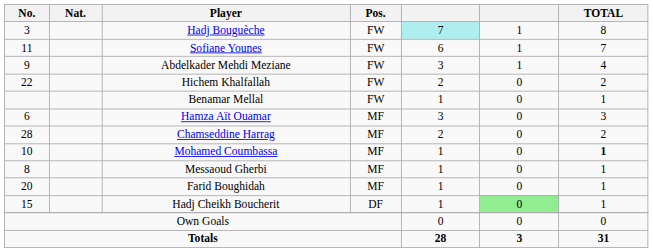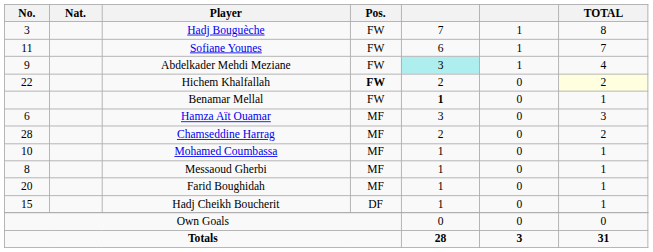 <table class="wikitable sortable alternance"  style="font-size:85%; text-align:center; line-height:14px; width:60%;">
 <tr>
 <th width=10>No.</th>
 <th width=10>Nat.</th>
 <th width=140>Player</th>
 <th width=10>Pos.</th>
 <th width=40></th>
 <th width=40></th>
 <th width=10>TOTAL</th>
 </tr>
 <tr>
 <td>3</td>
 <td></td>
 <td><a href='#'>Hadj Bouguèche</a></td>
 <td>FW</td>
-<td style="background: paleturquoise;">7</td>
+<td>7</td>
 <td>1</td>
 <td>8</td>
 </tr>
 <tr>
 <td>11</td>
 <td></td>
 <td><a href='#'>Sofiane Younes</a></td>
 <td>FW</td>
 <td>6</td>
 <td>1</td>
 <td>7</td>
 </tr>
 <tr>
 <td>9</td>
 <td></td>
 <td>Abdelkader Mehdi Meziane</td>
 <td>FW</td>
-<td>3</td>
+<td style="background: paleturquoise;">3</td>
 <td>1</td>
 <td>4</td>
 </tr>
 <tr>
 <td>22</td>
 <td></td>
 <td>Hichem Khalfallah</td>
-<td>FW</td>
+<td><strong>FW</strong></td>
 <td>2</td>
 <td>0</td>
-<td>2</td>
+<td style="background: lightyellow;">2</td>
 </tr>
 <tr>
 <td></td>
 <td></td>
 <td>Benamar Mellal</td>
 <td>FW</td>
-<td>1</td>
+<td><strong>1</strong></td>
 <td>0</td>
 <td>1</td>
 </tr>
 <tr>
 <td>6</td>
 <td></td>
 <td><a href='#'>Hamza Aït Ouamar</a></td>
 <td>MF</td>
 <td>3</td>
 <td>0</td>
 <td>3</td>
 </tr>
 <tr>
 <td>28</td>
 <td></td>
 <td><a href='#'>Chamseddine Harrag</a></td>
 <td>MF</td>
 <td>2</td>
 <td>0</td>
 <td>2</td>
 </tr>
 <tr>
 <td>10</td>
 <td></td>
 <td><a href='#'>Mohamed Coumbassa</a></td>
 <td>MF</td>
 <td>1</td>
 <td>0</td>
-<td><strong>1</strong></td>
+<td>1</td>
 </tr>
 <tr>
 <td>8</td>
 <td></td>
 <td>Messaoud Gherbi</td>
 <td>MF</td>
 <td>1</td>
 <td>0</td>
 <td>1</td>
 </tr>
 <tr>
 <td>20</td>
 <td></td>
 <td>Farid Boughidah</td>
 <td>MF</td>
 <td>1</td>
 <td>0</td>
 <td>1</td>
 </tr>
 <tr>
 <td>15</td>
 <td></td>
 <td>Hadj Cheikh Boucherit</td>
 <td>DF</td>
 <td>1</td>
-<td style="background: lightgreen;">0</td>
+<td>0</td>
 <td>1</td>
 </tr>
 <tr>
 </tr>
 <tr class="sortbottom">
 <td colspan="4">Own Goals</td>
 <td>0</td>
 <td>0</td>
 <td>0</td>
 </tr>
 <tr class="sortbottom">
 <td colspan="4"><strong>Totals</strong></td>
 <td><strong>28</strong></td>
 <td><strong>3</strong></td>
 <td><strong>31</strong></td>
 </tr>
 </table>
